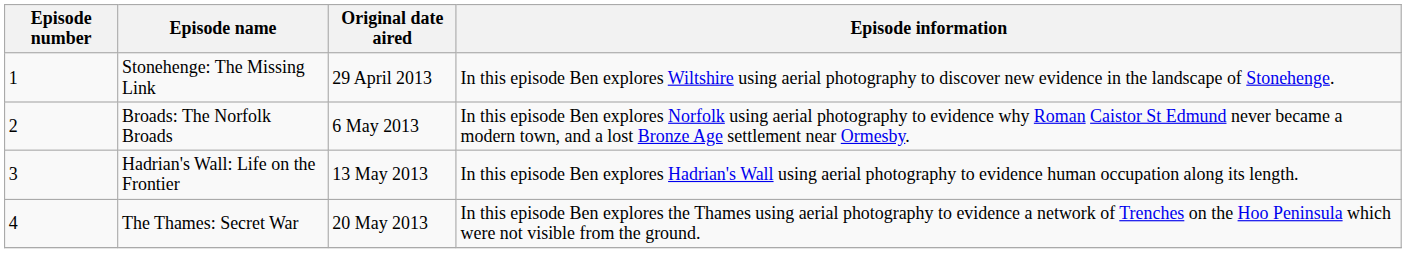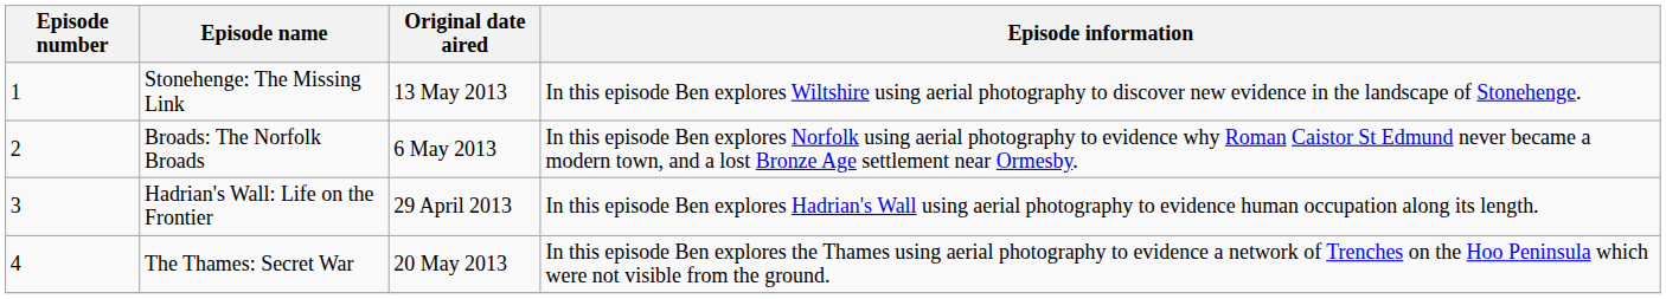 <table class="wikitable sortable">
 <tr>
 <th>Episode number</th>
 <th>Episode name</th>
 <th>Original date aired</th>
 <th>Episode information</th>
 </tr>
 <tr>
 <td>1</td>
 <td>Stonehenge: The Missing Link</td>
-<td>29 April 2013</td>
+<td>13 May 2013</td>
 <td>In this episode Ben explores <a href='#'>Wiltshire</a> using aerial photography to discover new evidence in the landscape of <a href='#'>Stonehenge</a>.</td>
 </tr>
 <tr>
 <td>2</td>
 <td>Broads: The Norfolk Broads</td>
 <td>6 May 2013</td>
 <td>In this episode Ben explores <a href='#'>Norfolk</a> using aerial photography to evidence why <a href='#'>Roman</a> <a href='#'>Caistor St Edmund</a> never became a modern town, and a lost <a href='#'>Bronze Age</a> settlement near <a href='#'>Ormesby</a>.</td>
 </tr>
 <tr>
 <td>3</td>
 <td>Hadrian's Wall: Life on the Frontier</td>
-<td>13 May 2013</td>
+<td>29 April 2013</td>
 <td>In this episode Ben explores <a href='#'>Hadrian's Wall</a> using aerial photography to evidence human occupation along its length.</td>
 </tr>
 <tr>
 <td>4</td>
 <td>The Thames: Secret War</td>
 <td>20 May 2013</td>
 <td>In this episode Ben explores the Thames using aerial photography to evidence a network of <a href='#'>Trenches</a> on the <a href='#'>Hoo Peninsula</a> which were not visible from the ground.</td>
 </tr>
 <tr>
 </tr>
 </table>
